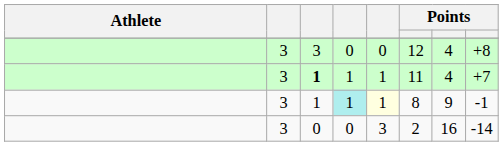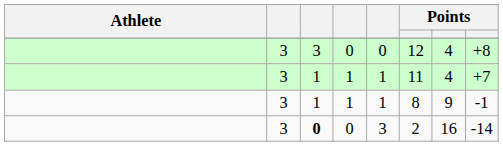 <table class="wikitable" style="text-align: center; font-size:100% ">
 <tr>
 <th rowspan=2 width=250>Athlete</th>
 <th rowspan=2 width=25></th>
 <th rowspan=2 width=25></th>
 <th rowspan=2 width=25></th>
 <th rowspan=2 width=25></th>
 <th colspan=3>Points</th>
 </tr>
 <tr>
 <th width=25></th>
 <th width=25></th>
 <th width=25></th>
 </tr>
 <tr bgcolor="ccffcc">
 </tr>
 <tr bgcolor="ccffcc">
 <td align=left></td>
 <td>3</td>
 <td>3</td>
 <td>0</td>
 <td>0</td>
 <td>12</td>
 <td>4</td>
 <td>+8</td>
 </tr>
 <tr bgcolor="ccffcc">
 <td align=left></td>
 <td>3</td>
-<td><strong>1</strong></td>
+<td>1</td>
 <td>1</td>
 <td>1</td>
 <td>11</td>
 <td>4</td>
 <td>+7</td>
 </tr>
 <tr>
 <td align=left></td>
 <td>3</td>
 <td>1</td>
-<td style="background: paleturquoise;">1</td>
-<td style="background: lightyellow;">1</td>
+<td>1</td>
+<td>1</td>
 <td>8</td>
 <td>9</td>
 <td>-1</td>
 </tr>
 <tr>
 <td align=left></td>
 <td>3</td>
-<td>0</td>
+<td><strong>0</strong></td>
 <td>0</td>
 <td>3</td>
 <td>2</td>
 <td>16</td>
 <td>-14</td>
 </tr>
 </table>
